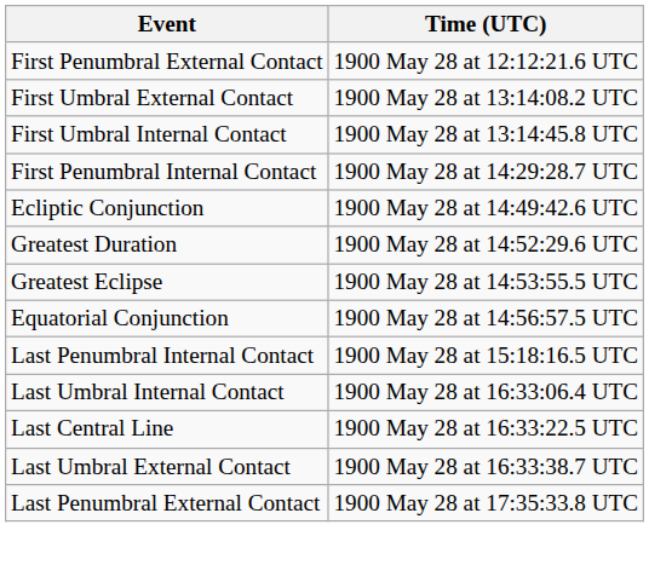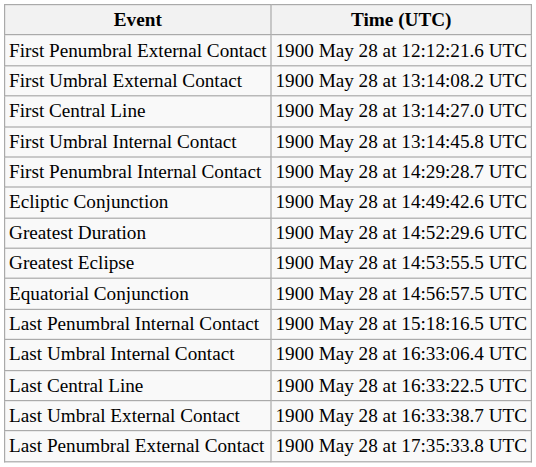 <table class="wikitable">
 <tr>
 <th>Event</th>
 <th>Time (UTC)</th>
 </tr>
 <tr>
 <td>First Penumbral External Contact</td>
 <td>1900 May 28 at 12:12:21.6 UTC</td>
 </tr>
 <tr>
 <td>First Umbral External Contact</td>
 <td>1900 May 28 at 13:14:08.2 UTC</td>
+</tr>
+<tr>
+<td>First Central Line</td>
+<td>1900 May 28 at 13:14:27.0 UTC</td>
 </tr>
 <tr>
 <td>First Umbral Internal Contact</td>
 <td>1900 May 28 at 13:14:45.8 UTC</td>
 </tr>
 <tr>
 <td>First Penumbral Internal Contact</td>
 <td>1900 May 28 at 14:29:28.7 UTC</td>
 </tr>
 <tr>
 <td>Ecliptic Conjunction</td>
 <td>1900 May 28 at 14:49:42.6 UTC</td>
 </tr>
 <tr>
 <td>Greatest Duration</td>
 <td>1900 May 28 at 14:52:29.6 UTC</td>
 </tr>
 <tr>
 <td>Greatest Eclipse</td>
 <td>1900 May 28 at 14:53:55.5 UTC</td>
 </tr>
 <tr>
 <td>Equatorial Conjunction</td>
 <td>1900 May 28 at 14:56:57.5 UTC</td>
 </tr>
 <tr>
 <td>Last Penumbral Internal Contact</td>
 <td>1900 May 28 at 15:18:16.5 UTC</td>
 </tr>
 <tr>
 <td>Last Umbral Internal Contact</td>
 <td>1900 May 28 at 16:33:06.4 UTC</td>
 </tr>
 <tr>
 <td>Last Central Line</td>
 <td>1900 May 28 at 16:33:22.5 UTC</td>
 </tr>
 <tr>
 <td>Last Umbral External Contact</td>
 <td>1900 May 28 at 16:33:38.7 UTC</td>
 </tr>
 <tr>
 <td>Last Penumbral External Contact</td>
 <td>1900 May 28 at 17:35:33.8 UTC</td>
 </tr>
 </table>
